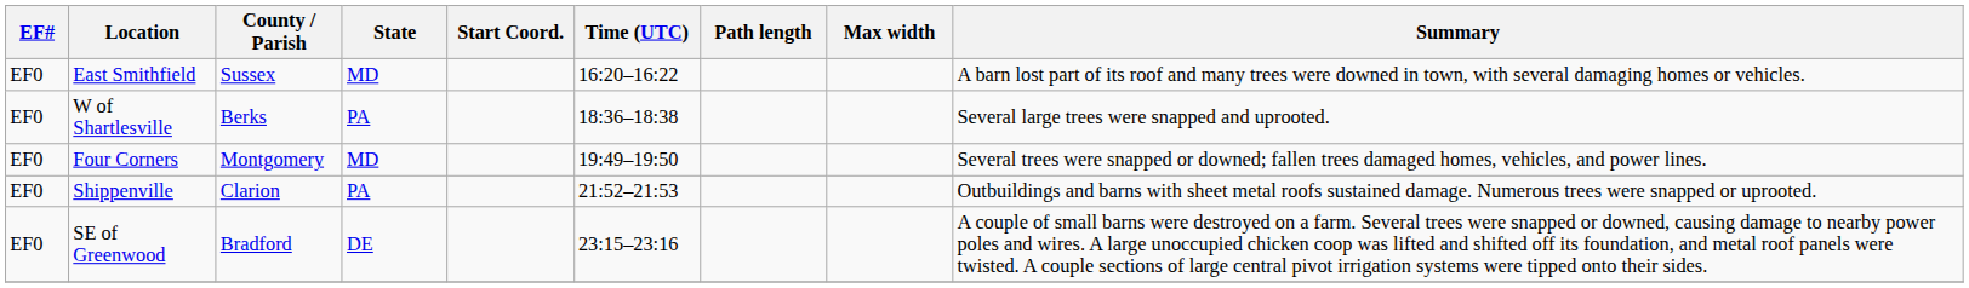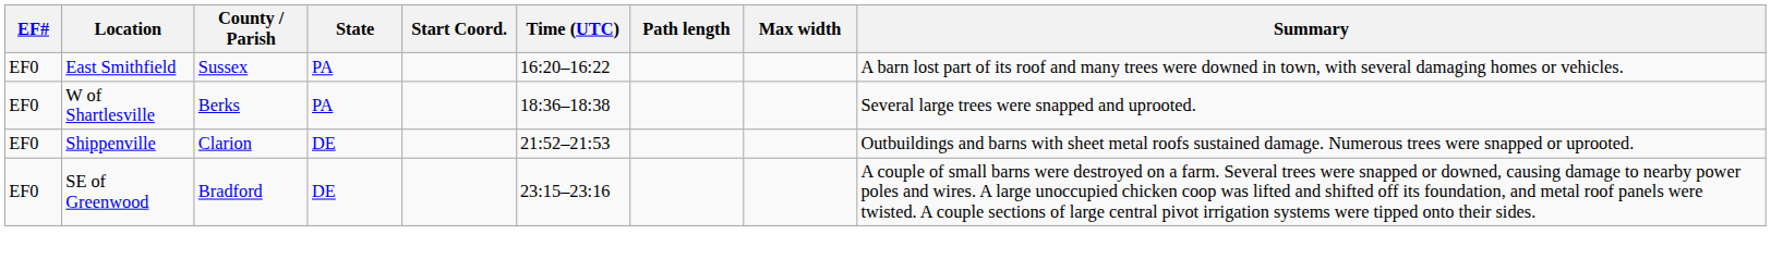 <table class="wikitable sortable" style="width:100%;">
 <tr>
 <th scope="col"  style="width:3%; text-align:center;"><a href='#'>EF#</a></th>
 <th scope="col"  style="width:7%; text-align:center;" class="unsortable">Location</th>
 <th scope="col"  style="width:6%; text-align:center;" class="unsortable">County / Parish</th>
 <th scope="col"  style="width:5%; text-align:center;">State</th>
 <th scope="col"  style="width:6%; text-align:center;">Start Coord.</th>
 <th scope="col"  style="width:6%; text-align:center;">Time (<a href='#'>UTC</a>)</th>
 <th scope="col"  style="width:6%; text-align:center;">Path length</th>
 <th scope="col"  style="width:6%; text-align:center;">Max width</th>
 <th scope="col" class="unsortable" style="width:48%; text-align:center;">Summary</th>
 </tr>
 <tr>
 <td>EF0</td>
 <td><a href='#'>East Smithfield</a></td>
 <td><a href='#'>Sussex</a></td>
-<td><a href='#'>MD</a></td>
+<td><a href='#'>PA</a></td>
 <td></td>
 <td>16:20–16:22</td>
 <td></td>
 <td></td>
 <td>A barn lost part of its roof and many trees were downed in town, with several damaging homes or vehicles.</td>
 </tr>
 <tr>
 <td>EF0</td>
 <td>W of <a href='#'>Shartlesville</a></td>
 <td><a href='#'>Berks</a></td>
 <td><a href='#'>PA</a></td>
 <td></td>
 <td>18:36–18:38</td>
 <td></td>
 <td></td>
 <td>Several large trees were snapped and uprooted.</td>
 </tr>
 <tr>
 <td>EF0</td>
-<td><a href='#'>Four Corners</a></td>
-<td><a href='#'>Montgomery</a></td>
-<td><a href='#'>MD</a></td>
-<td></td>
-<td>19:49–19:50</td>
-<td></td>
-<td></td>
-<td>Several trees were snapped or downed; fallen trees damaged homes, vehicles, and power lines.</td>
-</tr>
-<tr>
-<td>EF0</td>
 <td><a href='#'>Shippenville</a></td>
 <td><a href='#'>Clarion</a></td>
-<td><a href='#'>PA</a></td>
+<td><a href='#'>DE</a></td>
 <td></td>
 <td>21:52–21:53</td>
 <td></td>
 <td></td>
 <td>Outbuildings and barns with sheet metal roofs sustained damage. Numerous trees were snapped or uprooted.</td>
 </tr>
 <tr>
 <td>EF0</td>
 <td>SE of <a href='#'>Greenwood</a></td>
 <td><a href='#'>Bradford</a></td>
 <td><a href='#'>DE</a></td>
 <td></td>
 <td>23:15–23:16</td>
 <td></td>
 <td></td>
 <td>A couple of small barns were destroyed on a farm. Several trees were snapped or downed, causing damage to nearby power poles and wires. A large unoccupied chicken coop was lifted and shifted off its foundation, and metal roof panels were twisted. A couple sections of large central pivot irrigation systems were tipped onto their sides.</td>
 </tr>
 <tr>
 </tr>
 </table>
